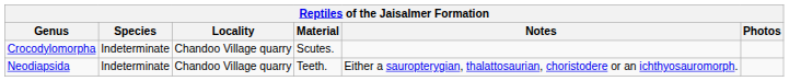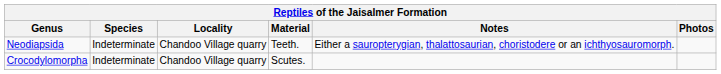 <table class="wikitable" align="center">
 <tr>
 <th colspan="6" align="center"><a href='#'>Reptiles</a> of the Jaisalmer Formation</th>
 </tr>
 <tr>
 <th>Genus</th>
 <th>Species</th>
 <th>Locality</th>
 <th>Material</th>
 <th>Notes</th>
 <th>Photos</th>
 </tr>
 <tr>
+<td><a href='#'>Neodiapsida</a></td>
+<td>Indeterminate</td>
+<td>Chandoo Village quarry</td>
+<td>Teeth.</td>
+<td>Either a <a href='#'>sauropterygian</a>, <a href='#'>thalattosaurian</a>, <a href='#'>choristodere</a> or an <a href='#'>ichthyosauromorph</a>.</td>
+<td></td>
+</tr>
+<tr>
 <td><a href='#'>Crocodylomorpha</a></td>
 <td>Indeterminate</td>
 <td>Chandoo Village quarry</td>
 <td>Scutes.</td>
 <td></td>
 <td></td>
 </tr>
-<tr>
-<td><a href='#'>Neodiapsida</a></td>
-<td>Indeterminate</td>
-<td>Chandoo Village quarry</td>
-<td>Teeth.</td>
-<td>Either a <a href='#'>sauropterygian</a>, <a href='#'>thalattosaurian</a>, <a href='#'>choristodere</a> or an <a href='#'>ichthyosauromorph</a>.</td>
-<td></td>
-</tr>
 </table>
